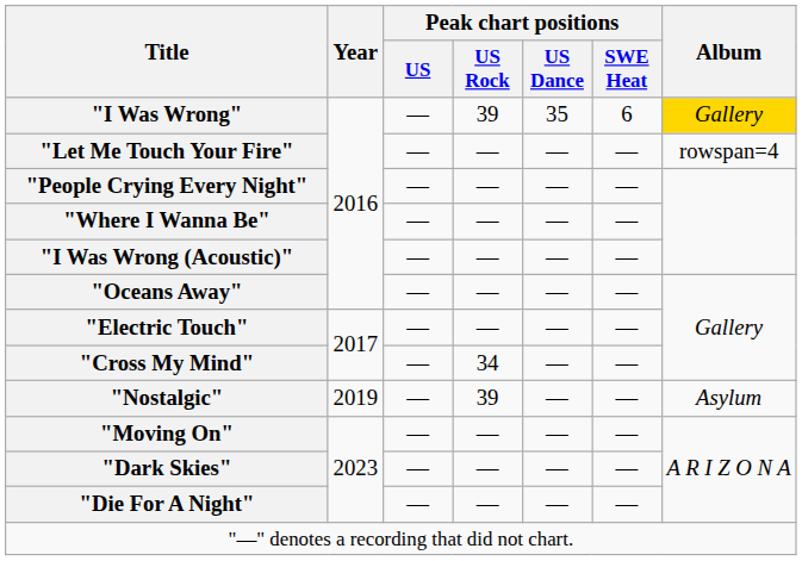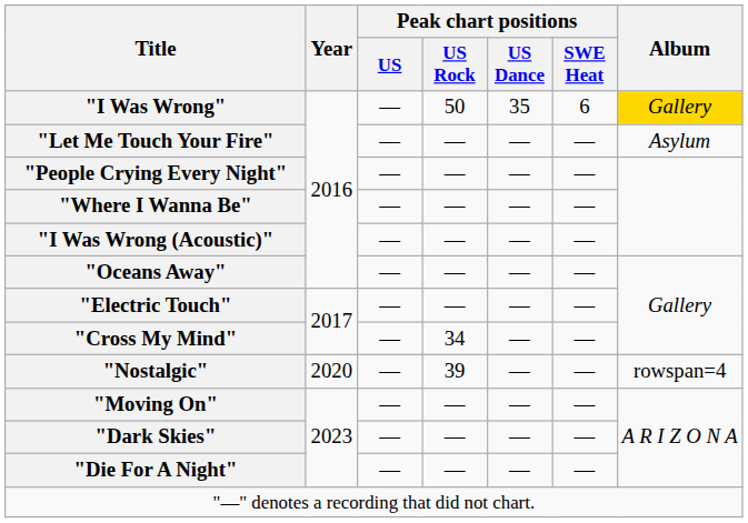 <table class="wikitable plainrowheaders" style="text-align:center;">
 <tr>
 <th scope="col" rowspan="2" style="width:14em;">Title</th>
 <th scope="col" rowspan="2">Year</th>
 <th scope="col" colspan="4">Peak chart positions</th>
 <th scope="col" rowspan="2">Album</th>
 </tr>
 <tr>
 <th scope="col" style="width:3em;font-size:90%;"><a href='#'>US</a></th>
 <th scope="col" style="width:3em;font-size:90%;"><a href='#'>US<br>Rock</a><br></th>
 <th scope="col" style="width:3em;font-size:90%;"><a href='#'>US<br>Dance</a><br></th>
 <th scope="col" style="width:3em;font-size:90%;"><a href='#'>SWE<br>Heat</a><br></th>
 </tr>
 <tr>
 <th scope="row">"I Was Wrong"</th>
 <td rowspan="6">2016</td>
 <td>—</td>
-<td>39</td>
+<td>50</td>
 <td>35</td>
 <td>6</td>
 <td style="background: gold;"><em>Gallery</em></td>
 </tr>
 <tr>
 <th scope="row">"Let Me Touch Your Fire"</th>
 <td>—</td>
 <td>—</td>
 <td>—</td>
 <td>—</td>
-<td>rowspan=4 </td>
+<td><em>Asylum</em></td>
 </tr>
 <tr>
 <th scope="row">"People Crying Every Night"</th>
 <td>—</td>
 <td>—</td>
 <td>—</td>
 <td>—</td>
 </tr>
 <tr>
 <th scope="row">"Where I Wanna Be"</th>
 <td>—</td>
 <td>—</td>
 <td>—</td>
 <td>—</td>
 </tr>
 <tr>
 <th scope="row">"I Was Wrong (Acoustic)"</th>
 <td>—</td>
 <td>—</td>
 <td>—</td>
 <td>—</td>
 </tr>
 <tr>
 <th scope="row">"Oceans Away"</th>
 <td>—</td>
 <td>—</td>
 <td>—</td>
 <td>—</td>
 <td rowspan=3><em>Gallery</em></td>
 </tr>
 <tr>
 <th scope="row">"Electric Touch"</th>
 <td rowspan="2">2017</td>
 <td>—</td>
 <td>—</td>
 <td>—</td>
 <td>—</td>
 </tr>
 <tr>
 <th scope="row">"Cross My Mind"</th>
 <td>—</td>
 <td>34</td>
 <td>—</td>
 <td>—</td>
 </tr>
 <tr>
 <th scope="row">"Nostalgic"</th>
-<td>2019</td>
+<td>2020</td>
 <td>—</td>
 <td>39</td>
 <td>—</td>
 <td>—</td>
-<td><em>Asylum</em></td>
+<td>rowspan=4 </td>
 </tr>
 <tr>
 <th scope="row">"Moving On"</th>
 <td rowspan="3">2023</td>
 <td>—</td>
 <td>—</td>
 <td>—</td>
 <td>—</td>
 <td rowspan="3"><em>A R I Z O N A</em></td>
 </tr>
 <tr>
 <th scope="row">"Dark Skies"</th>
 <td>—</td>
 <td>—</td>
 <td>—</td>
 <td>—</td>
 </tr>
 <tr>
 <th scope="row">"Die For A Night"</th>
 <td>—</td>
 <td>—</td>
 <td>—</td>
 <td>—</td>
 </tr>
 <tr>
 <td colspan="15" style="font-size:90%">"—" denotes a recording that did not chart.</td>
 </tr>
 </table>
